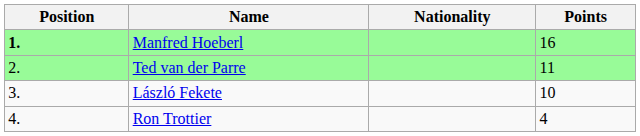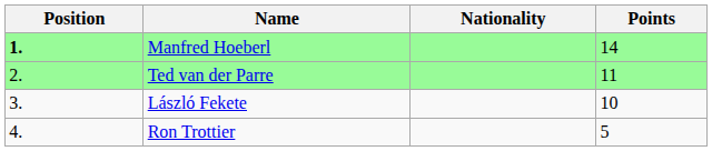 <table class="wikitable" style="display: inline-table; width: 50%;">
 <tr>
 <th>Position</th>
 <th>Name</th>
 <th>Nationality</th>
 <th>Points</th>
 </tr>
 <tr>
 </tr>
 <tr style="background:palegreen">
 <td><strong>1.</strong></td>
 <td><a href='#'>Manfred Hoeberl</a></td>
 <td></td>
-<td>16</td>
+<td>14</td>
 </tr>
 <tr>
 </tr>
 <tr style="background:palegreen">
 <td>2.</td>
 <td><a href='#'>Ted van der Parre</a></td>
 <td></td>
 <td>11</td>
 </tr>
 <tr>
 <td>3.</td>
 <td><a href='#'>László Fekete</a></td>
 <td></td>
 <td>10</td>
 </tr>
 <tr>
 <td>4.</td>
 <td><a href='#'>Ron Trottier</a></td>
 <td></td>
-<td>4</td>
+<td>5</td>
 </tr>
 </table>
